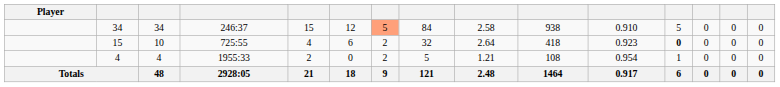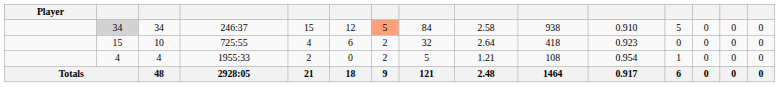 <table class="wikitable sortable" style="width:100%; text-align:center;">
 <tr style="text-align:center; background:#ddd;">
 <th>Player</th>
 <th></th>
 <th></th>
 <th></th>
 <th></th>
 <th></th>
 <th></th>
 <th></th>
 <th></th>
 <th></th>
 <th></th>
 <th></th>
 <th></th>
 <th></th>
 <th></th>
 </tr>
 <tr>
 <td style=white-space:nowrap></td>
-<td>34</td>
+<td style="background: lightgrey;">34</td>
 <td>34</td>
 <td>246:37</td>
 <td>15</td>
 <td>12</td>
 <td style="background: lightsalmon;">5</td>
 <td>84</td>
 <td>2.58</td>
 <td>938</td>
 <td>0.910</td>
 <td>5</td>
 <td>0</td>
 <td>0</td>
 <td>0</td>
 </tr>
 <tr>
 <td style=white-space:nowrap></td>
 <td>15</td>
 <td>10</td>
 <td>725:55</td>
 <td>4</td>
 <td>6</td>
 <td>2</td>
 <td>32</td>
 <td>2.64</td>
 <td>418</td>
 <td>0.923</td>
-<td><strong>0</strong></td>
+<td>0</td>
 <td>0</td>
 <td>0</td>
 <td>0</td>
 </tr>
 <tr>
 <td style=white-space:nowrap></td>
 <td>4</td>
 <td>4</td>
 <td>1955:33</td>
 <td>2</td>
 <td>0</td>
 <td>2</td>
 <td>5</td>
 <td>1.21</td>
 <td>108</td>
 <td>0.954</td>
 <td>1</td>
 <td>0</td>
 <td>0</td>
 <td>0</td>
 </tr>
 <tr class="unsortable">
 <th colspan=2>Totals</th>
 <th>48</th>
 <th>2928:05</th>
 <th>21</th>
 <th>18</th>
 <th>9</th>
 <th>121</th>
 <th>2.48</th>
 <th>1464</th>
 <th>0.917</th>
 <th>6</th>
 <th>0</th>
 <th>0</th>
 <th>0</th>
 </tr>
 </table>
